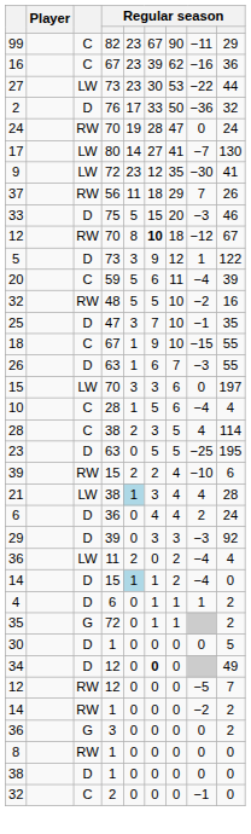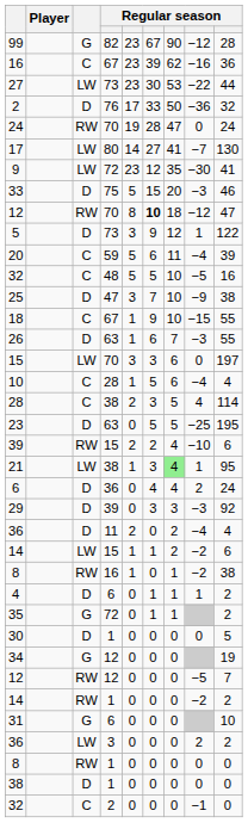 <table class="wikitable sortable plainrowheaders" style="text-align:center;">
 <tr>
 <th scope="col" data-sort-type="number" rowspan="2"></th>
 <th scope="col" rowspan="2">Player</th>
 <th scope="col" rowspan="2"></th>
 <th scope=colgroup colspan=6>Regular season</th>
 </tr>
 <tr>
 <th scope="col" data-sort-type="number"></th>
 <th scope="col" data-sort-type="number"></th>
 <th scope="col" data-sort-type="number"></th>
 <th scope="col" data-sort-type="number"></th>
 <th scope="col" data-sort-type="number"></th>
 <th scope="col" data-sort-type="number"></th>
 </tr>
 <tr>
 <td scope="row">99</td>
 <td align="left"></td>
-<td>C</td>
+<td>G</td>
 <td>82</td>
 <td>23</td>
 <td>67</td>
 <td>90</td>
-<td>−11</td>
-<td>29</td>
+<td>−12</td>
+<td>28</td>
 </tr>
 <tr>
 <td scope="row">16</td>
 <td align="left"></td>
 <td>C</td>
 <td>67</td>
 <td>23</td>
 <td>39</td>
 <td>62</td>
 <td>−16</td>
 <td>36</td>
 </tr>
 <tr>
 <td scope="row">27</td>
 <td align="left"></td>
 <td>LW</td>
 <td>73</td>
 <td>23</td>
 <td>30</td>
 <td>53</td>
 <td>−22</td>
 <td>44</td>
 </tr>
 <tr>
 <td scope="row">2</td>
 <td align="left"></td>
 <td>D</td>
 <td>76</td>
 <td>17</td>
 <td>33</td>
 <td>50</td>
 <td>−36</td>
 <td>32</td>
 </tr>
 <tr>
 <td scope="row">24</td>
 <td align="left"></td>
 <td>RW</td>
 <td>70</td>
 <td>19</td>
 <td>28</td>
 <td>47</td>
 <td>0</td>
 <td>24</td>
 </tr>
 <tr>
 <td scope="row">17</td>
 <td align="left"></td>
 <td>LW</td>
 <td>80</td>
 <td>14</td>
 <td>27</td>
 <td>41</td>
 <td>−7</td>
 <td>130</td>
 </tr>
 <tr>
 <td scope="row">9</td>
 <td align="left"></td>
 <td>LW</td>
 <td>72</td>
 <td>23</td>
 <td>12</td>
 <td>35</td>
 <td>−30</td>
 <td>41</td>
 </tr>
 <tr>
-<td scope="row">37</td>
-<td align="left"></td>
-<td>RW</td>
-<td>56</td>
-<td>11</td>
-<td>18</td>
-<td>29</td>
-<td>7</td>
-<td>26</td>
-</tr>
-<tr>
 <td scope="row">33</td>
 <td align="left"></td>
 <td>D</td>
 <td>75</td>
 <td>5</td>
 <td>15</td>
 <td>20</td>
 <td>−3</td>
 <td>46</td>
 </tr>
 <tr>
 <td scope="row">12</td>
 <td align="left"></td>
 <td>RW</td>
 <td>70</td>
 <td>8</td>
 <td><strong>10</strong></td>
 <td>18</td>
 <td>−12</td>
-<td>67</td>
+<td>47</td>
 </tr>
 <tr>
 <td scope="row">5</td>
 <td align="left"></td>
 <td>D</td>
 <td>73</td>
 <td>3</td>
 <td>9</td>
 <td>12</td>
 <td>1</td>
 <td>122</td>
 </tr>
 <tr>
 <td scope="row">20</td>
 <td align="left"></td>
 <td>C</td>
 <td>59</td>
 <td>5</td>
 <td>6</td>
 <td>11</td>
 <td>−4</td>
 <td>39</td>
 </tr>
 <tr>
 <td scope="row">32</td>
 <td align="left"></td>
-<td>RW</td>
+<td>C</td>
 <td>48</td>
 <td>5</td>
 <td>5</td>
 <td>10</td>
-<td>−2</td>
+<td>−5</td>
 <td>16</td>
 </tr>
 <tr>
 <td scope="row">25</td>
 <td align="left"></td>
 <td>D</td>
 <td>47</td>
 <td>3</td>
 <td>7</td>
 <td>10</td>
-<td>−1</td>
-<td>35</td>
+<td>−9</td>
+<td>38</td>
 </tr>
 <tr>
 <td scope="row">18</td>
 <td align="left"></td>
 <td>C</td>
 <td>67</td>
 <td>1</td>
 <td>9</td>
 <td>10</td>
 <td>−15</td>
 <td>55</td>
 </tr>
 <tr>
 <td scope="row">26</td>
 <td align="left"></td>
 <td>D</td>
 <td>63</td>
 <td>1</td>
 <td>6</td>
 <td>7</td>
 <td>−3</td>
 <td>55</td>
 </tr>
 <tr>
 <td scope="row">15</td>
 <td align="left"></td>
 <td>LW</td>
 <td>70</td>
 <td>3</td>
 <td>3</td>
 <td>6</td>
 <td>0</td>
 <td>197</td>
 </tr>
 <tr>
 <td scope="row">10</td>
 <td align="left"></td>
 <td>C</td>
 <td>28</td>
 <td>1</td>
 <td>5</td>
 <td>6</td>
 <td>−4</td>
 <td>4</td>
 </tr>
 <tr>
 <td scope="row">28</td>
 <td align="left"></td>
 <td>C</td>
 <td>38</td>
 <td>2</td>
 <td>3</td>
 <td>5</td>
 <td>4</td>
 <td>114</td>
 </tr>
 <tr>
 <td scope="row">23</td>
 <td align="left"></td>
 <td>D</td>
 <td>63</td>
 <td>0</td>
 <td>5</td>
 <td>5</td>
 <td>−25</td>
 <td>195</td>
 </tr>
 <tr>
 <td scope="row">39</td>
 <td align="left"></td>
 <td>RW</td>
 <td>15</td>
 <td>2</td>
 <td>2</td>
 <td>4</td>
 <td>−10</td>
 <td>6</td>
 </tr>
 <tr>
 <td scope="row">21</td>
 <td align="left"></td>
 <td>LW</td>
 <td>38</td>
-<td style="background: lightblue;">1</td>
+<td>1</td>
 <td>3</td>
-<td>4</td>
-<td>4</td>
-<td>28</td>
+<td style="background: lightgreen;">4</td>
+<td>1</td>
+<td>95</td>
 </tr>
 <tr>
 <td scope="row">6</td>
 <td align="left"></td>
 <td>D</td>
 <td>36</td>
 <td>0</td>
 <td>4</td>
 <td>4</td>
 <td>2</td>
 <td>24</td>
 </tr>
 <tr>
 <td scope="row">29</td>
 <td align="left"></td>
 <td>D</td>
 <td>39</td>
 <td>0</td>
 <td>3</td>
 <td>3</td>
 <td>−3</td>
 <td>92</td>
 </tr>
 <tr>
 <td scope="row">36</td>
 <td align="left"></td>
-<td>LW</td>
+<td>D</td>
 <td>11</td>
 <td>2</td>
 <td>0</td>
 <td>2</td>
 <td>−4</td>
 <td>4</td>
 </tr>
 <tr>
 <td scope="row">14</td>
 <td align="left"></td>
-<td>D</td>
+<td>LW</td>
 <td>15</td>
-<td style="background: lightblue;">1</td>
+<td>1</td>
 <td>1</td>
 <td>2</td>
-<td>−4</td>
+<td>−2</td>
+<td>6</td>
+</tr>
+<tr>
+<td scope="row">8</td>
+<td align="left"></td>
+<td>RW</td>
+<td>16</td>
+<td>1</td>
 <td>0</td>
+<td>1</td>
+<td>−2</td>
+<td>38</td>
 </tr>
 <tr>
 <td scope="row">4</td>
 <td align="left"></td>
 <td>D</td>
 <td>6</td>
 <td>0</td>
 <td>1</td>
 <td>1</td>
 <td>1</td>
 <td>2</td>
 </tr>
 <tr>
 <td scope="row">35</td>
 <td align="left"></td>
 <td>G</td>
 <td>72</td>
 <td>0</td>
 <td>1</td>
 <td>1</td>
 <td style="background:#ccc"></td>
 <td>2</td>
 </tr>
 <tr>
 <td scope="row">30</td>
 <td align="left"></td>
 <td>D</td>
 <td>1</td>
 <td>0</td>
 <td>0</td>
 <td>0</td>
 <td>0</td>
 <td>5</td>
 </tr>
 <tr>
 <td scope="row">34</td>
 <td align="left"></td>
-<td>D</td>
+<td>G</td>
 <td>12</td>
 <td>0</td>
-<td><strong>0</strong></td>
+<td>0</td>
 <td>0</td>
 <td style="background:#ccc"></td>
-<td>49</td>
+<td>19</td>
 </tr>
 <tr>
 <td scope="row">12</td>
 <td align="left"></td>
 <td>RW</td>
 <td>12</td>
 <td>0</td>
 <td>0</td>
 <td>0</td>
 <td>−5</td>
 <td>7</td>
 </tr>
 <tr>
 <td scope="row">14</td>
 <td align="left"></td>
 <td>RW</td>
 <td>1</td>
 <td>0</td>
 <td>0</td>
 <td>0</td>
 <td>−2</td>
 <td>2</td>
 </tr>
 <tr>
+<td scope="row">31</td>
+<td align="left"></td>
+<td>G</td>
+<td>6</td>
+<td>0</td>
+<td>0</td>
+<td>0</td>
+<td style="background:#ccc"></td>
+<td>10</td>
+</tr>
+<tr>
 <td scope="row">36</td>
 <td align="left"></td>
-<td>G</td>
+<td>LW</td>
 <td>3</td>
 <td>0</td>
 <td>0</td>
 <td>0</td>
-<td>0</td>
+<td>2</td>
 <td>2</td>
 </tr>
 <tr>
 <td scope="row">8</td>
 <td align="left"></td>
 <td>RW</td>
 <td>1</td>
 <td>0</td>
 <td>0</td>
 <td>0</td>
 <td>0</td>
 <td>0</td>
 </tr>
 <tr>
 <td scope="row">38</td>
 <td align="left"></td>
 <td>D</td>
 <td>1</td>
 <td>0</td>
 <td>0</td>
 <td>0</td>
 <td>0</td>
 <td>0</td>
 </tr>
 <tr>
 <td scope="row">32</td>
 <td align="left"></td>
 <td>C</td>
 <td>2</td>
 <td>0</td>
 <td>0</td>
 <td>0</td>
 <td>−1</td>
 <td>0</td>
 </tr>
 </table>
